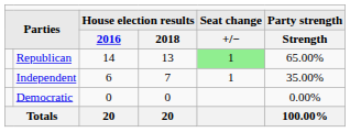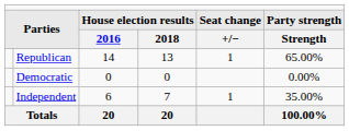 <table class   ="wikitable">
 <tr>
 <td colspan="6"></td>
 </tr>
 <tr>
 <th style   ="background:#e9e9e9; text-align:center" rowspan="2" colspan="2">Parties</th>
 <th style   ="background:#e9e9e9; text-align:center" colspan="2">House election results</th>
 <th style   ="background:#e9e9e9; text-align:center" colspan="1">Seat change</th>
 <th style   ="background:#e9e9e9; text-align:center" colspan="1">Party strength</th>
 </tr>
 <tr style ="background:#e9e9e9">
 <th><a href='#'>2016</a></th>
 <th>2018</th>
 <th>+/−</th>
 <th>Strength</th>
 </tr>
 <tr>
 <td style="background-color:"> </td>
 <td><a href='#'>Republican</a></td>
 <td align = center>14</td>
 <td align = center>13</td>
-<td align = center style="background: lightgreen;">1 </td>
+<td align = center>1 </td>
 <td align = center>65.00%</td>
+</tr>
+<tr>
+<td style="background-color:"> </td>
+<td><a href='#'>Democratic</a></td>
+<td align = center>0</td>
+<td align = center>0</td>
+<td align = center></td>
+<td align = center>0.00%</td>
 </tr>
 <tr>
 <td style="background-color:"> </td>
 <td><a href='#'>Independent</a></td>
 <td align = center>6</td>
 <td align = center>7</td>
 <td align = center>1 </td>
 <td align = center>35.00%</td>
 </tr>
-<tr>
-<td style="background-color:"> </td>
-<td><a href='#'>Democratic</a></td>
-<td align = center>0</td>
-<td align = center>0</td>
-<td align = center></td>
-<td align = center>0.00%</td>
-</tr>
 <tr style = "background:#ccc">
 <th colspan = "2">Totals</th>
 <th>20</th>
 <th>20</th>
 <th></th>
 <th>100.00%</th>
 </tr>
 </table>
